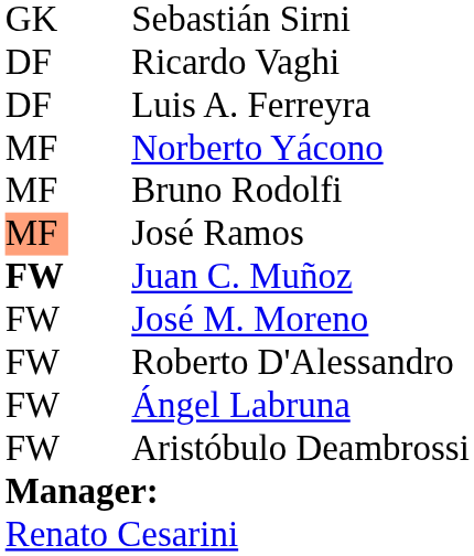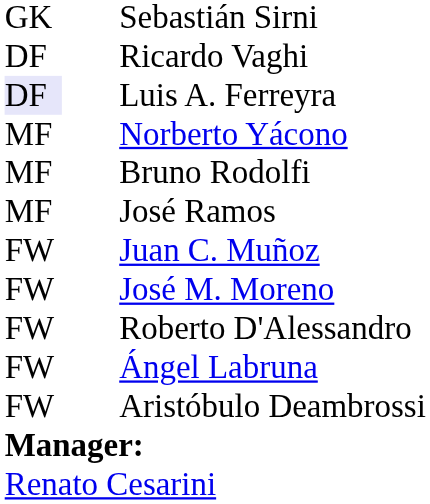 <table cellspacing="0" cellpadding="0" style="font-size:90%; margin:0.2em auto;">
 <tr>
 <th width="25"></th>
 <th width="25"></th>
 </tr>
 <tr>
 <td>GK</td>
 <td></td>
 <td> Sebastián Sirni</td>
 </tr>
 <tr>
 <td>DF</td>
 <td></td>
 <td> Ricardo Vaghi</td>
 </tr>
 <tr>
-<td>DF</td>
+<td style="background: lavender;">DF</td>
 <td></td>
 <td> Luis A. Ferreyra</td>
 </tr>
 <tr>
 <td>MF</td>
 <td></td>
 <td> <a href='#'>Norberto Yácono</a></td>
 </tr>
 <tr>
 <td>MF</td>
 <td></td>
 <td> Bruno Rodolfi</td>
 </tr>
 <tr>
-<td style="background: lightsalmon;">MF</td>
+<td>MF</td>
 <td></td>
 <td> José Ramos</td>
 </tr>
 <tr>
-<td><strong>FW</strong></td>
+<td>FW</td>
 <td></td>
 <td> <a href='#'>Juan C. Muñoz</a></td>
 </tr>
 <tr>
 <td>FW</td>
 <td></td>
 <td> <a href='#'>José M. Moreno</a></td>
 </tr>
 <tr>
 <td>FW</td>
 <td></td>
 <td> Roberto D'Alessandro</td>
 </tr>
 <tr>
 <td>FW</td>
 <td></td>
 <td> <a href='#'>Ángel Labruna</a></td>
 </tr>
 <tr>
 <td>FW</td>
 <td></td>
 <td> Aristóbulo Deambrossi</td>
 </tr>
 <tr>
 <td colspan=3><strong>Manager:</strong></td>
 </tr>
 <tr>
 <td colspan=4> <a href='#'>Renato Cesarini</a></td>
 </tr>
 </table>
